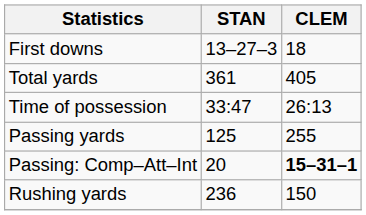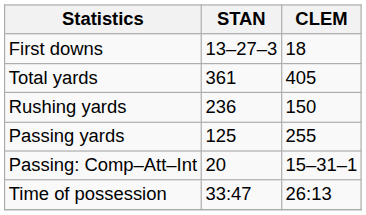 <table class="wikitable" style="float: left;">
 <tr>
 <th>Statistics</th>
 <th>STAN</th>
 <th>CLEM</th>
 </tr>
 <tr>
 <td>First downs</td>
 <td>13–27–3</td>
 <td>18</td>
 </tr>
 <tr>
 <td>Total yards</td>
 <td>361</td>
 <td>405</td>
 </tr>
 <tr>
-<td>Time of possession</td>
-<td>33:47</td>
-<td>26:13</td>
+<td>Rushing yards</td>
+<td>236</td>
+<td>150</td>
 </tr>
 <tr>
 <td>Passing yards</td>
 <td>125</td>
 <td>255</td>
 </tr>
 <tr>
 <td>Passing: Comp–Att–Int</td>
 <td>20</td>
-<td><strong>15–31–1</strong></td>
+<td>15–31–1</td>
 </tr>
 <tr>
-<td>Rushing yards</td>
-<td>236</td>
-<td>150</td>
+<td>Time of possession</td>
+<td>33:47</td>
+<td>26:13</td>
 </tr>
 <tr>
 </tr>
 </table>
